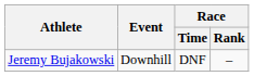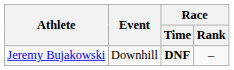 <table class="wikitable" style="font-size:90%">
 <tr>
 <th rowspan="2">Athlete</th>
 <th rowspan="2">Event</th>
 <th colspan="2">Race</th>
 </tr>
 <tr>
 <th>Time</th>
 <th>Rank</th>
 </tr>
 <tr>
 <td><a href='#'>Jeremy Bujakowski</a></td>
 <td>Downhill</td>
-<td align="center">DNF</td>
+<td align="center"><strong>DNF</strong></td>
 <td align="center">–</td>
 </tr>
 </table>
